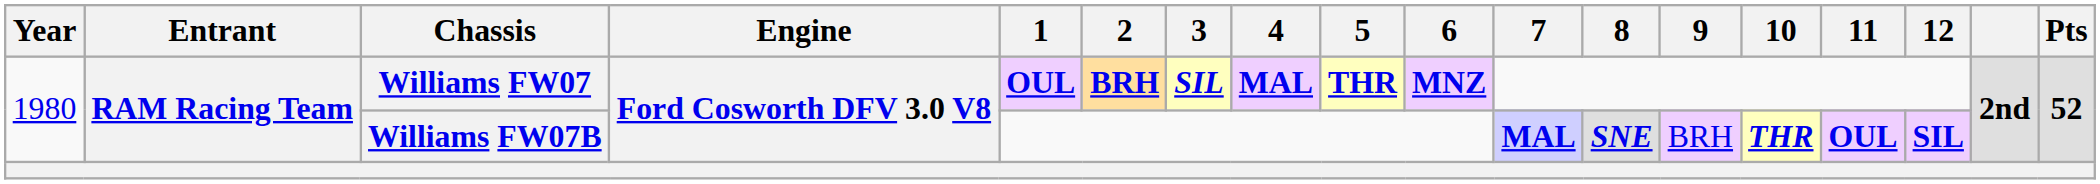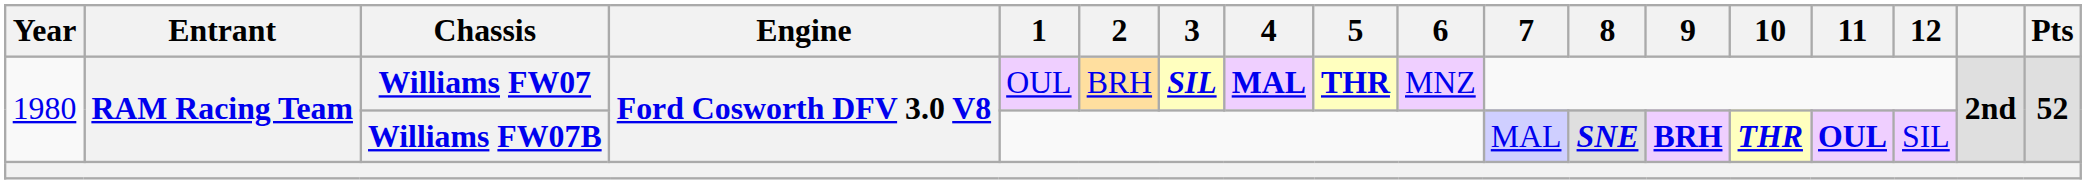 <table class="wikitable" style="text-align:center; font-size:85%">
 <tr>
 <th>Year</th>
 <th>Entrant</th>
 <th>Chassis</th>
 <th>Engine</th>
 <th>1</th>
 <th>2</th>
 <th>3</th>
 <th>4</th>
 <th>5</th>
 <th>6</th>
 <th>7</th>
 <th>8</th>
 <th>9</th>
 <th>10</th>
 <th>11</th>
 <th>12</th>
 <th></th>
 <th>Pts</th>
 </tr>
 <tr>
 <td rowspan=2><a href='#'>1980</a></td>
 <th rowspan=2 nowrap><a href='#'>RAM Racing Team</a></th>
 <th nowrap><a href='#'>Williams</a> <a href='#'>FW07</a></th>
 <th rowspan=2 nowrap><a href='#'>Ford Cosworth DFV</a> 3.0 <a href='#'>V8</a></th>
-<td style="background:#efcfff;"><strong><a href='#'>OUL</a><br></strong></td>
-<td style="background:#ffdf9f;"><strong><a href='#'>BRH</a><br></strong></td>
+<td style="background:#efcfff;"><a href='#'>OUL</a><br></td>
+<td style="background:#ffdf9f;"><a href='#'>BRH</a><br></td>
 <td style="background:#ffffbf;"><strong><em><a href='#'>SIL</a></em></strong><br></td>
 <td style="background:#efcfff;"><strong><a href='#'>MAL</a></strong><br></td>
 <td style="background:#ffffbf;"><strong><a href='#'>THR</a></strong><br></td>
-<td style="background:#efcfff;"><strong><a href='#'>MNZ</a><br></strong></td>
+<td style="background:#efcfff;"><a href='#'>MNZ</a><br></td>
 <td colspan=6></td>
 <th rowspan=2 style="background:#dfdfdf;">2nd</th>
 <th rowspan=2 style="background:#dfdfdf;">52</th>
 </tr>
 <tr>
 <th nowrap><a href='#'>Williams</a> <a href='#'>FW07B</a></th>
 <td colspan=6></td>
-<td style="background:#cfcfff;"><strong><a href='#'>MAL</a><br></strong></td>
+<td style="background:#cfcfff;"><a href='#'>MAL</a><br></td>
 <td style="background:#dfdfdf;"><strong><em><a href='#'>SNE</a></em></strong><br></td>
-<td style="background:#efcfff;"><a href='#'>BRH</a><br></td>
+<td style="background:#efcfff;"><strong><a href='#'>BRH</a><br></strong></td>
 <td style="background:#ffffbf;"><strong><em><a href='#'>THR</a></em></strong><br></td>
 <td style="background:#efcfff;"><strong><a href='#'>OUL</a></strong><br></td>
-<td style="background:#efcfff;"><strong><a href='#'>SIL</a><br></strong></td>
+<td style="background:#efcfff;"><a href='#'>SIL</a><br></td>
 </tr>
 <tr>
 <th colspan="18"></th>
 </tr>
 </table>
